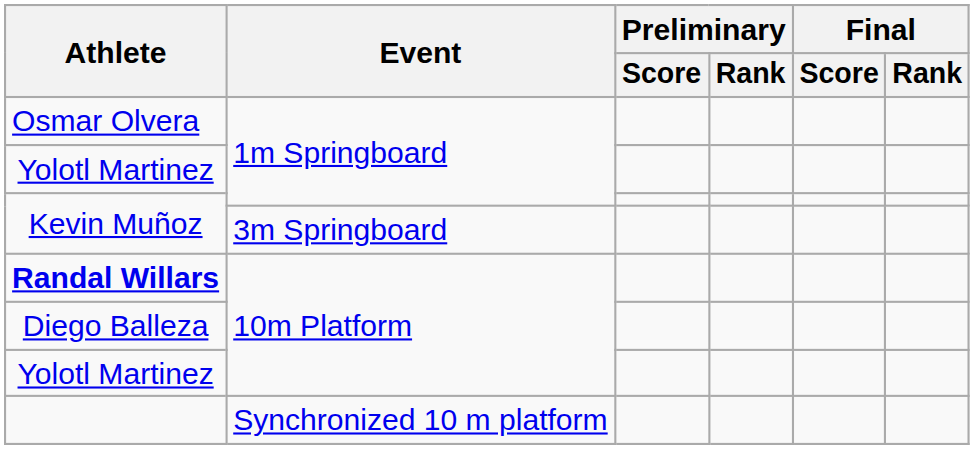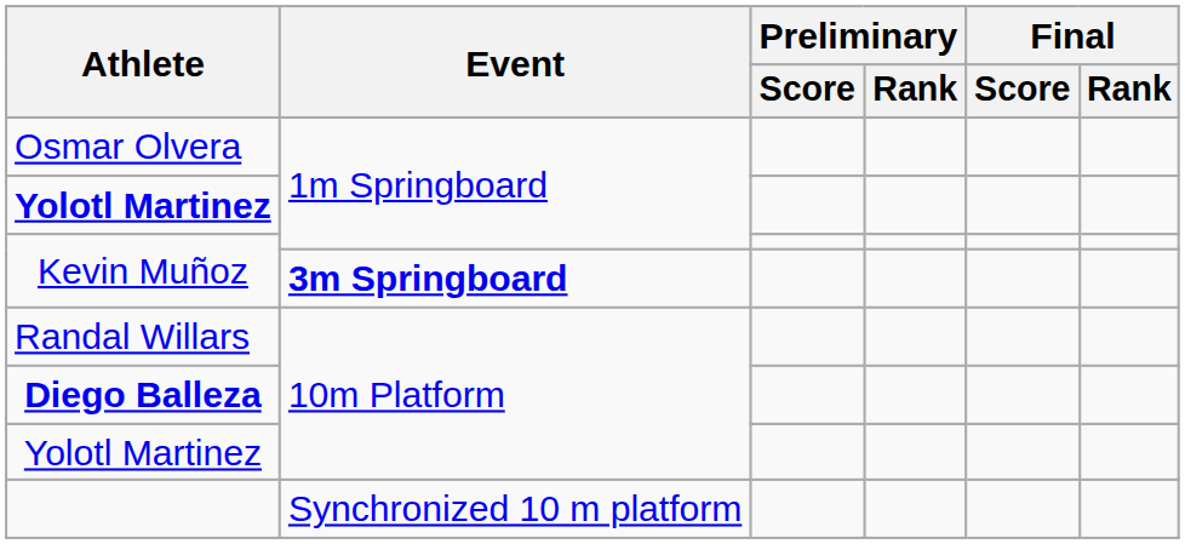 <table class=wikitable style=font-size:90%;text-align:center>
 <tr>
 <th rowspan=2>Athlete</th>
 <th rowspan=2>Event</th>
 <th colspan=2>Preliminary</th>
 <th colspan=2>Final</th>
 </tr>
 <tr style=font-size:95%>
 <th>Score</th>
 <th>Rank</th>
 <th>Score</th>
 <th>Rank</th>
 </tr>
 <tr>
 <td align="left"><a href='#'>Osmar Olvera</a></td>
 <td rowspan="3" align="left"><a href='#'>1m Springboard</a></td>
 <td></td>
 <td></td>
 <td></td>
 <td></td>
 </tr>
 <tr>
-<td><a href='#'>Yolotl Martinez</a></td>
+<td><strong><a href='#'>Yolotl Martinez</a></strong></td>
 <td></td>
 <td></td>
 <td></td>
 <td></td>
 </tr>
 <tr>
 <td rowspan="2"><a href='#'>Kevin Muñoz</a></td>
 <td></td>
 <td></td>
 <td></td>
 <td></td>
 </tr>
 <tr>
-<td align="left"><a href='#'>3m Springboard</a></td>
+<td align="left"><strong><a href='#'>3m Springboard</a></strong></td>
 <td></td>
 <td></td>
 <td></td>
 <td></td>
 </tr>
 <tr align="center">
-<td align="left"><strong><a href='#'>Randal Willars</a></strong></td>
+<td align="left"><a href='#'>Randal Willars</a></td>
 <td rowspan="3" align="left"><a href='#'>10m Platform</a></td>
 <td></td>
 <td></td>
 <td></td>
 <td></td>
 </tr>
 <tr>
-<td><a href='#'>Diego Balleza</a></td>
+<td><strong><a href='#'>Diego Balleza</a></strong></td>
 <td></td>
 <td></td>
 <td></td>
 <td></td>
 </tr>
 <tr>
 <td><a href='#'>Yolotl Martinez</a></td>
 <td></td>
 <td></td>
 <td></td>
 <td></td>
 </tr>
 <tr>
 <td></td>
 <td><a href='#'>Synchronized 10 m platform</a></td>
 <td></td>
 <td></td>
 <td></td>
 <td></td>
 </tr>
 </table>
